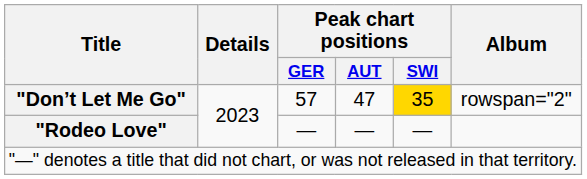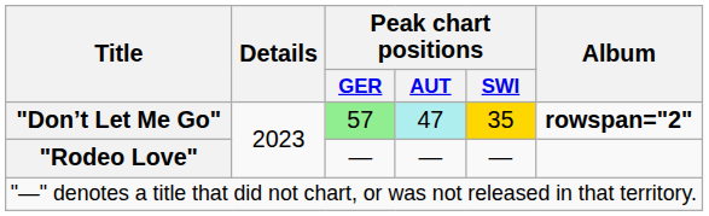 <table class="wikitable plainrowheaders" style="text-align:center">
 <tr>
 <th scope="col" rowspan="2">Title</th>
 <th scope="col" rowspan="2">Details</th>
 <th scope="col" colspan="3">Peak chart positions</th>
 <th scope="col" rowspan="2">Album</th>
 </tr>
 <tr>
 <th scope="col" style="width:3em;font-size:85%"><a href='#'>GER</a><br></th>
 <th scope="col" style="width:3em;font-size:85%"><a href='#'>AUT</a><br></th>
 <th scope="col" style="width:3em;font-size:85%"><a href='#'>SWI</a><br></th>
 </tr>
 <tr>
 <th scope="row">"Don’t Let Me Go"</th>
 <td rowspan="2">2023</td>
-<td>57</td>
-<td>47</td>
+<td style="background: lightgreen;">57</td>
+<td style="background: paleturquoise;">47</td>
 <td style="background: gold;">35</td>
-<td>rowspan="2" </td>
+<td><strong>rowspan="2" </strong></td>
 </tr>
 <tr>
 <th scope="row">"Rodeo Love"</th>
 <td>—</td>
 <td>—</td>
 <td>—</td>
 </tr>
 <tr>
 <td colspan="10" style="font-size:90%">"—" denotes a title that did not chart, or was not released in that territory.</td>
 </tr>
 </table>
